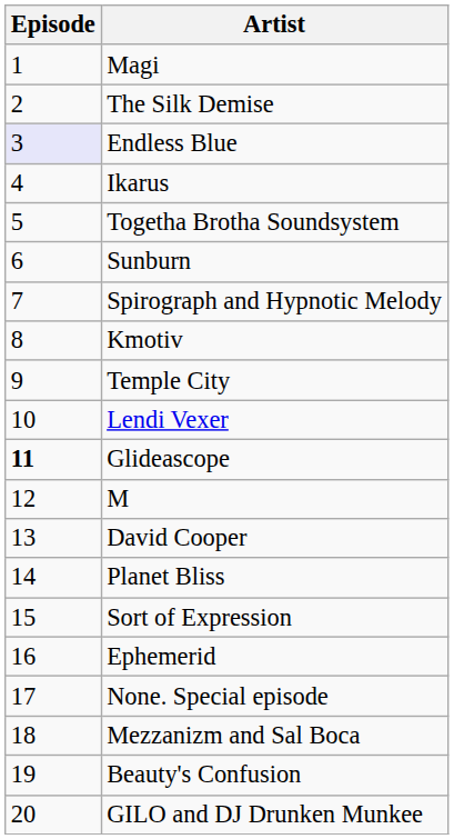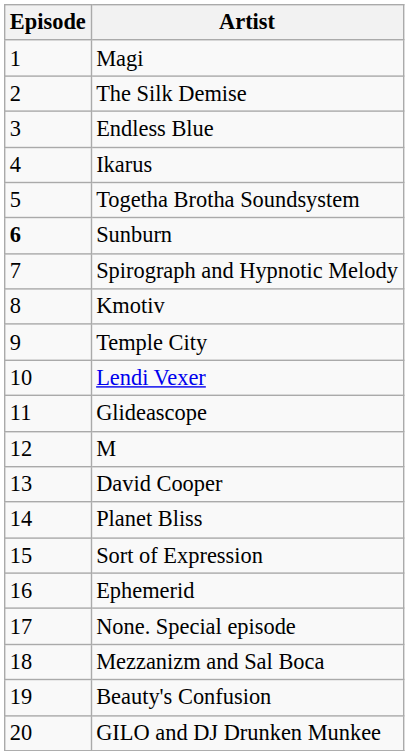 <table class="wikitable" align="center">
 <tr>
 <th>Episode</th>
 <th>Artist</th>
 </tr>
 <tr>
 <td>1</td>
 <td>Magi</td>
 </tr>
 <tr>
 <td>2</td>
 <td>The Silk Demise</td>
 </tr>
 <tr>
-<td style="background: lavender;">3</td>
+<td>3</td>
 <td>Endless Blue</td>
 </tr>
 <tr>
 <td>4</td>
 <td>Ikarus</td>
 </tr>
 <tr>
 <td>5</td>
 <td>Togetha Brotha Soundsystem</td>
 </tr>
 <tr>
-<td>6</td>
+<td><strong>6</strong></td>
 <td>Sunburn</td>
 </tr>
 <tr>
 <td>7</td>
 <td>Spirograph and Hypnotic Melody</td>
 </tr>
 <tr>
 <td>8</td>
 <td>Kmotiv</td>
 </tr>
 <tr>
 <td>9</td>
 <td>Temple City</td>
 </tr>
 <tr>
 <td>10</td>
 <td><a href='#'>Lendi Vexer</a></td>
 </tr>
 <tr>
-<td><strong>11</strong></td>
+<td>11</td>
 <td>Glideascope</td>
 </tr>
 <tr>
 <td>12</td>
 <td>M</td>
 </tr>
 <tr>
 <td>13</td>
 <td>David Cooper</td>
 </tr>
 <tr>
 <td>14</td>
 <td>Planet Bliss</td>
 </tr>
 <tr>
 <td>15</td>
 <td>Sort of Expression</td>
 </tr>
 <tr>
 <td>16</td>
 <td>Ephemerid</td>
 </tr>
 <tr>
 <td>17</td>
 <td>None. Special episode</td>
 </tr>
 <tr>
 <td>18</td>
 <td>Mezzanizm and Sal Boca</td>
 </tr>
 <tr>
 <td>19</td>
 <td>Beauty's Confusion</td>
 </tr>
 <tr>
 <td>20</td>
 <td>GILO and DJ Drunken Munkee</td>
 </tr>
 <tr>
 </tr>
 </table>
